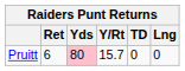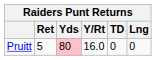 <table class="wikitable">
 <tr>
 <th colspan="6">Raiders Punt Returns</th>
 </tr>
 <tr>
 <th></th>
 <th>Ret</th>
 <th>Yds</th>
 <th>Y/Rt</th>
 <th>TD</th>
 <th>Lng</th>
 </tr>
 <tr>
 <td><a href='#'>Pruitt</a></td>
-<td>6</td>
+<td>5</td>
 <td style="background: pink;">80</td>
-<td>15.7</td>
+<td>16.0</td>
 <td>0</td>
 <td>0</td>
 </tr>
 </table>
